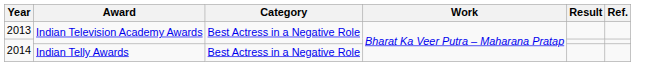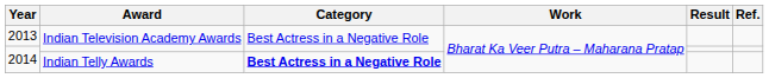 <table class="wikitable">
 <tr>
 <th>Year</th>
 <th>Award</th>
 <th>Category</th>
 <th>Work</th>
 <th>Result</th>
 <th>Ref.</th>
 </tr>
 <tr>
 <td>2013</td>
 <td rowspan="2"><a href='#'>Indian Television Academy Awards</a></td>
 <td rowspan="2"><a href='#'>Best Actress in a Negative Role</a></td>
 <td rowspan="3"><em><a href='#'>Bharat Ka Veer Putra – Maharana Pratap</a></em></td>
 <td></td>
 <td></td>
 </tr>
 <tr>
 <td rowspan="2">2014</td>
 <td></td>
 <td></td>
 </tr>
 <tr>
 <td><a href='#'>Indian Telly Awards</a></td>
-<td><a href='#'>Best Actress in a Negative Role</a></td>
+<td><strong><a href='#'>Best Actress in a Negative Role</a></strong></td>
 <td></td>
 <td></td>
 </tr>
 </table>
